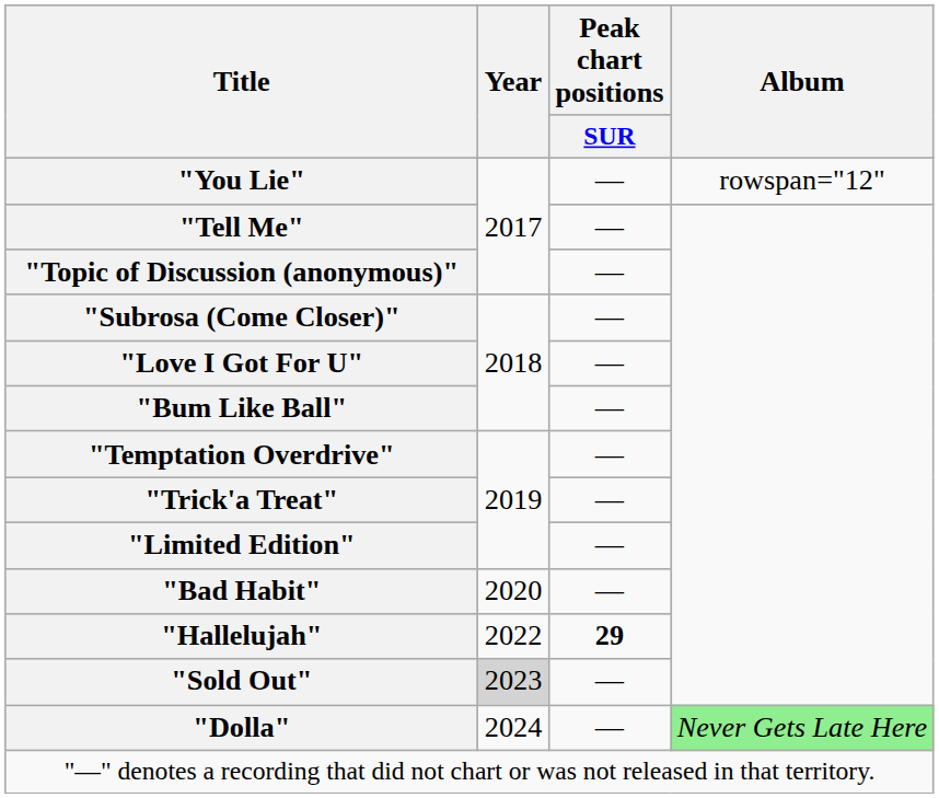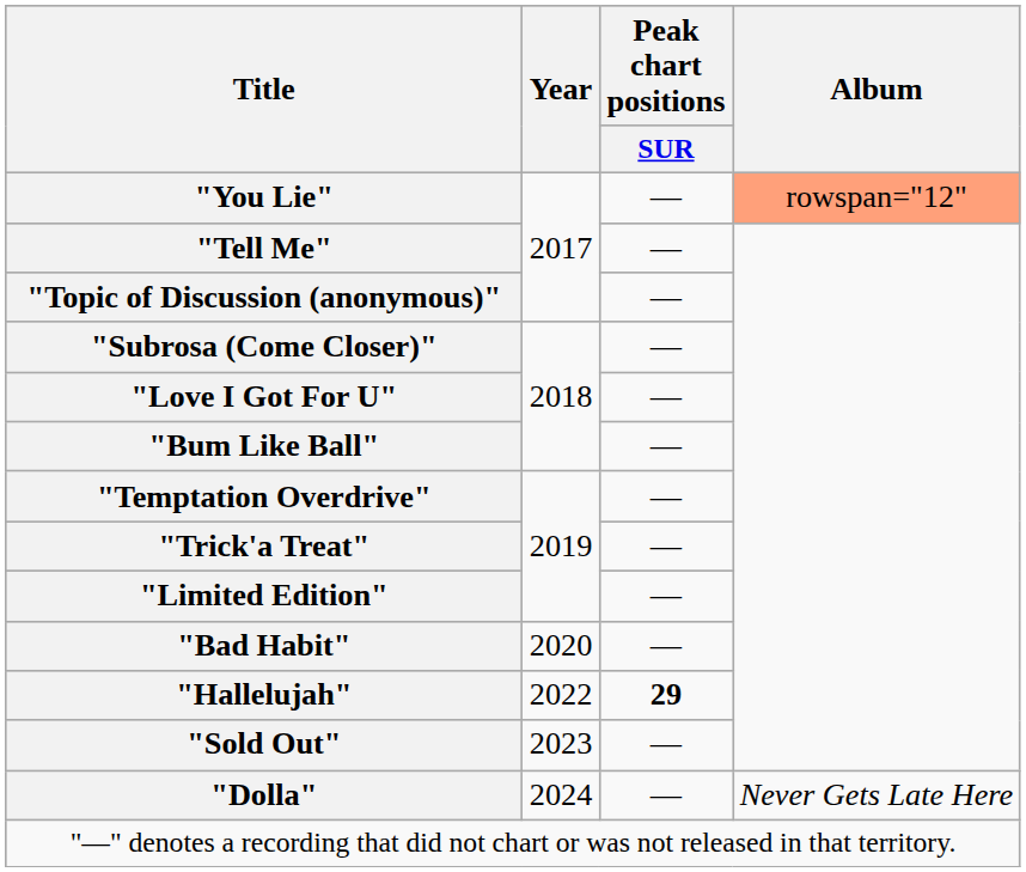 <table class="wikitable plainrowheaders" style="text-align:center;">
 <tr>
 <th rowspan="2" scope="col" style="width:16em;">Title</th>
 <th rowspan="2" scope="col">Year</th>
 <th>Peak chart positions</th>
 <th rowspan="2" scope="col">Album</th>
 </tr>
 <tr>
 <th scope="col" style="width:2.5em;font-size:90%;"><a href='#'>SUR</a><br></th>
 </tr>
 <tr>
 <th scope="row">"You Lie"</th>
 <td rowspan="3">2017</td>
 <td>—</td>
-<td>rowspan="12" </td>
+<td style="background: lightsalmon;">rowspan="12" </td>
 </tr>
 <tr>
 <th scope="row">"Tell Me"<br></th>
 <td>—</td>
 </tr>
 <tr>
 <th scope="row">"Topic of Discussion (anonymous)"</th>
 <td>—</td>
 </tr>
 <tr>
 <th scope="row">"Subrosa (Come Closer)"</th>
 <td rowspan="3">2018</td>
 <td>—</td>
 </tr>
 <tr>
 <th scope="row">"Love I Got For U"</th>
 <td>—</td>
 </tr>
 <tr>
 <th scope="row">"Bum Like Ball"</th>
 <td>—</td>
 </tr>
 <tr>
 <th scope="row">"Temptation Overdrive"</th>
 <td rowspan="3">2019</td>
 <td>—</td>
 </tr>
 <tr>
 <th scope="row">"Trick'a Treat"</th>
 <td>—</td>
 </tr>
 <tr>
 <th scope="row">"Limited Edition"</th>
 <td>—</td>
 </tr>
 <tr>
 <th scope="row">"Bad Habit"</th>
 <td>2020</td>
 <td>—</td>
 </tr>
 <tr>
 <th scope="row">"Hallelujah"</th>
 <td>2022</td>
 <td><strong>29</strong></td>
 </tr>
 <tr>
 <th scope="row">"Sold Out"</th>
-<td style="background: lightgrey;">2023</td>
+<td>2023</td>
 <td>—</td>
 </tr>
 <tr>
 <th scope="row">"Dolla"</th>
 <td>2024</td>
 <td>—</td>
-<td style="background: lightgreen;"><em>Never Gets Late Here</em></td>
+<td><em>Never Gets Late Here</em></td>
 </tr>
 <tr>
 <td colspan="4" style="font-size:90%">"—" denotes a recording that did not chart or was not released in that territory.</td>
 </tr>
 </table>
